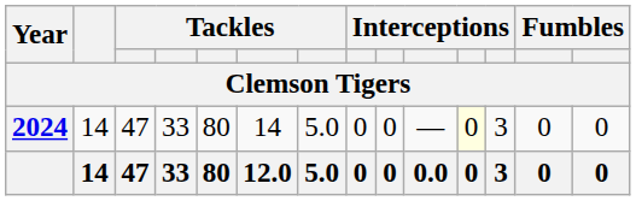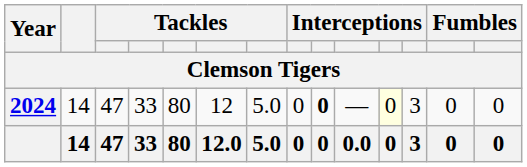 <table class="wikitable sortable" style="text-align:center;">
 <tr>
 <th rowspan="2">Year</th>
 <th colspan="1" rowspan="2"></th>
 <th colspan="5">Tackles</th>
 <th colspan="5">Interceptions</th>
 <th colspan="2">Fumbles</th>
 </tr>
 <tr>
 <th></th>
 <th></th>
 <th></th>
 <th></th>
 <th></th>
 <th></th>
 <th></th>
 <th></th>
 <th></th>
 <th></th>
 <th></th>
 <th></th>
 </tr>
 <tr>
 <th colspan="14">Clemson Tigers</th>
 </tr>
 <tr>
 <th><a href='#'>2024</a></th>
 <td>14</td>
 <td>47</td>
 <td>33</td>
 <td>80</td>
-<td>14</td>
+<td>12</td>
 <td>5.0</td>
 <td>0</td>
-<td>0</td>
+<td><strong>0</strong></td>
 <td>—</td>
 <td style="background: lightyellow;">0</td>
 <td>3</td>
 <td>0</td>
 <td>0</td>
 </tr>
 <tr>
 <th></th>
 <th>14</th>
 <th>47</th>
 <th>33</th>
 <th>80</th>
 <th>12.0</th>
 <th>5.0</th>
 <th>0</th>
 <th>0</th>
 <th>0.0</th>
 <th>0</th>
 <th>3</th>
 <th>0</th>
 <th>0</th>
 </tr>
 </table>
